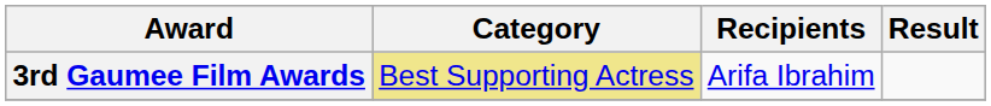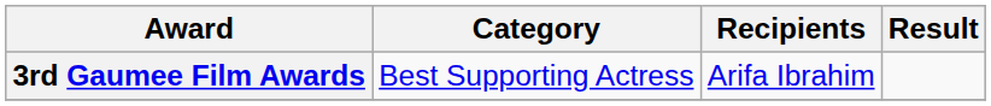 <table class="wikitable plainrowheaders sortable">
 <tr>
 <th scope="col">Award</th>
 <th scope="col">Category</th>
 <th scope="col">Recipients</th>
 <th scope="col">Result</th>
 </tr>
 <tr>
 <th scope="row">3rd <a href='#'>Gaumee Film Awards</a></th>
-<td style="background: khaki;"><a href='#'>Best Supporting Actress</a></td>
+<td><a href='#'>Best Supporting Actress</a></td>
 <td><a href='#'>Arifa Ibrahim</a></td>
 <td></td>
 </tr>
 <tr>
 </tr>
 </table>
